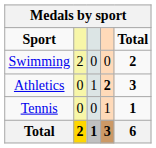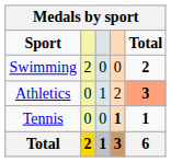 <table class="wikitable" style="font-size:85%; float:right;">
 <tr style="background:#efefef;">
 <th colspan=7>Medals by sport</th>
 </tr>
 <tr style="text-align:center">
 <td><strong>Sport</strong></td>
 <td bgcolor=#f7f6a8></td>
 <td bgcolor=#dce5e5></td>
 <td bgcolor=#ffdab9></td>
 <td><strong>Total</strong></td>
 </tr>
 <tr style="text-align:center">
 <td><a href='#'>Swimming</a></td>
 <td bgcolor=F7F6A8>2</td>
 <td bgcolor=DCE5E5>0</td>
 <td bgcolor=FFDAB9>0</td>
 <td><strong>2</strong></td>
 </tr>
 <tr style="text-align:center">
 <td><a href='#'>Athletics</a></td>
 <td bgcolor=F7F6A8>0</td>
 <td bgcolor=DCE5E5>1</td>
-<td bgcolor=FFDAB9><strong>2</strong></td>
-<td><strong>3</strong></td>
+<td bgcolor=FFDAB9>2</td>
+<td style="background: lightsalmon;"><strong>3</strong></td>
 </tr>
 <tr style="text-align:center">
 <td><a href='#'>Tennis</a></td>
 <td bgcolor=F7F6A8>0</td>
 <td bgcolor=DCE5E5>0</td>
-<td bgcolor=FFDAB9>1</td>
+<td bgcolor=FFDAB9><strong>1</strong></td>
 <td><strong>1</strong></td>
 </tr>
 <tr style="text-align:center">
 <th>Total</th>
 <th style="background:gold">2</th>
 <th style="background:silver">1</th>
 <th style="background:#c96">3</th>
 <th>6</th>
 </tr>
 </table>
